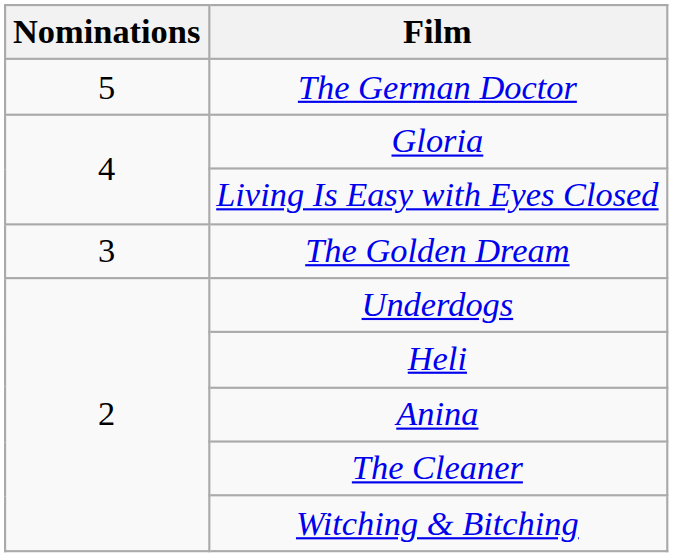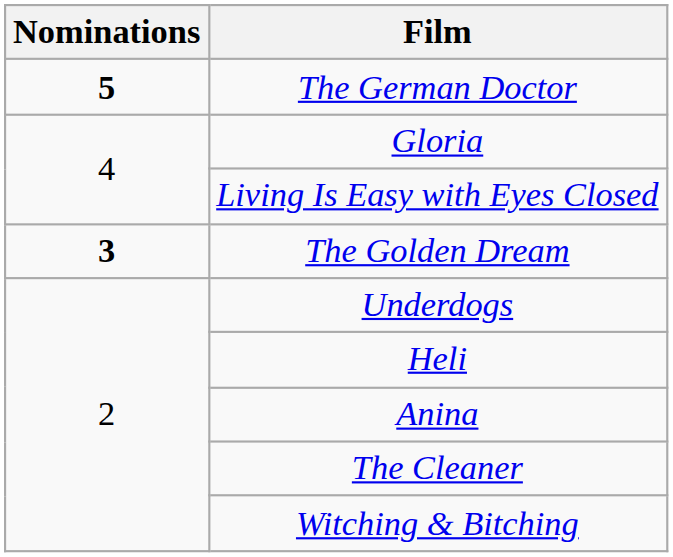 <table class="wikitable" style="text-align:center;">
 <tr>
 <th scope="col" width="55">Nominations</th>
 <th scope="col" align="center">Film</th>
 </tr>
 <tr>
-<td style="text-align:center">5</td>
+<td style="text-align:center"><strong>5</strong></td>
 <td><em><a href='#'>The German Doctor</a></em></td>
 </tr>
 <tr>
 <td rowspan=2 style="text-align:center">4</td>
 <td><em><a href='#'>Gloria</a></em></td>
 </tr>
 <tr>
 <td><em><a href='#'>Living Is Easy with Eyes Closed</a></em></td>
 </tr>
 <tr>
-<td style="text-align:center">3</td>
+<td style="text-align:center"><strong>3</strong></td>
 <td><em><a href='#'>The Golden Dream</a></em></td>
 </tr>
 <tr>
 <td rowspan=5 style="text-align:center">2</td>
 <td><em><a href='#'>Underdogs</a></em></td>
 </tr>
 <tr>
 <td><em><a href='#'>Heli</a></em></td>
 </tr>
 <tr>
 <td><em><a href='#'>Anina</a></em></td>
 </tr>
 <tr>
 <td><em><a href='#'>The Cleaner</a></em></td>
 </tr>
 <tr>
 <td><em><a href='#'>Witching & Bitching</a></em></td>
 </tr>
 </table>
